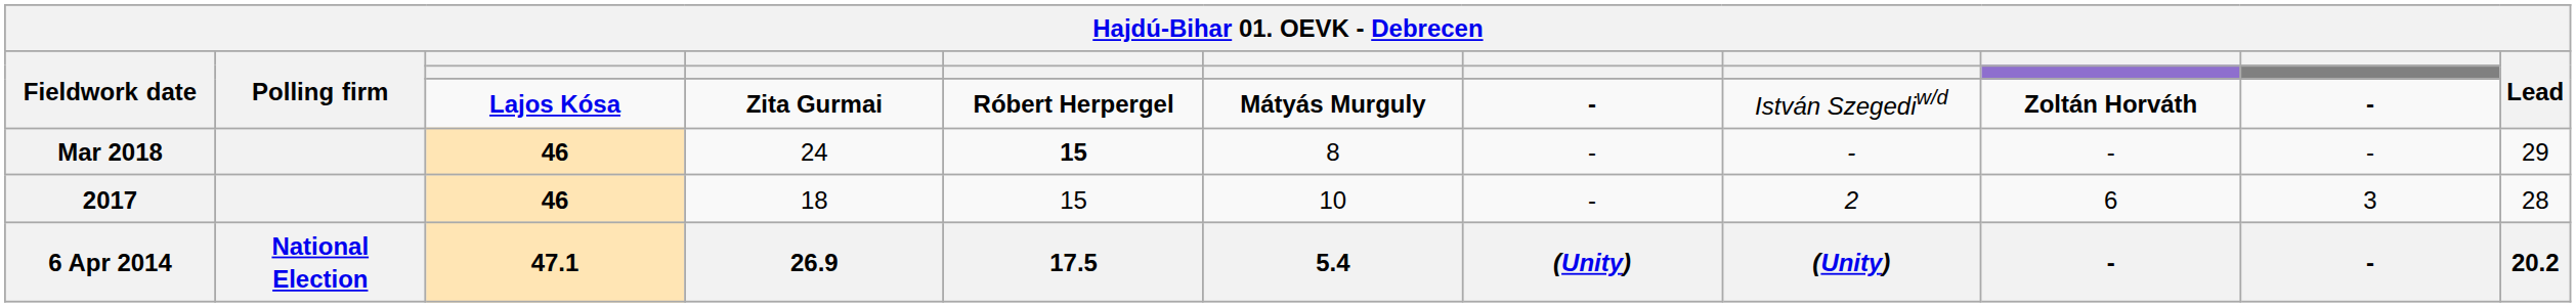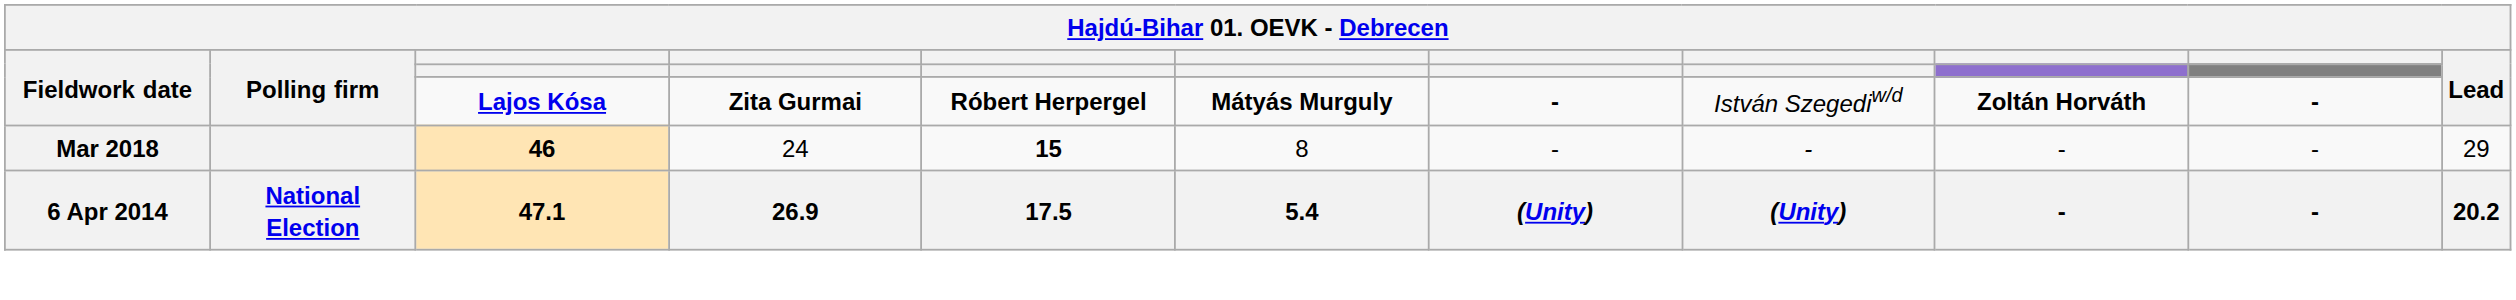 <table class="wikitable mw-collapsible mw-collapsed" style="text-align:center">
 <tr>
 <th colspan="11" style="width: 980pt;"><small><a href='#'>Hajdú-Bihar</a> 01. OEVK - <a href='#'>Debrecen</a></small></th>
 </tr>
 <tr>
 <th rowspan="3" style="width: 80pt;"><small>Fieldwork</small> <small>date</small></th>
 <th rowspan="3" style="width: 80pt;"><strong><small>Polling</small> <small>firm</small></strong></th>
 <th style="width: 100pt;"><small></small></th>
 <th style="width: 100pt;"><small> </small></th>
 <th style="width: 100pt;"></th>
 <th style="width: 100pt;"></th>
 <th style="width: 100pt;"></th>
 <th style="width: 100pt;"></th>
 <th style="width: 100pt;"></th>
 <th style="width: 100pt;"></th>
 <th rowspan="3" style="width: 20pt;"><small>Lead</small></th>
 </tr>
 <tr>
 <th style="color:inherit;background:"></th>
 <th style="color:inherit;background:"></th>
 <th style="color:inherit;background:"></th>
 <th style="color:inherit;background:"></th>
 <th style="color:inherit;background:"></th>
 <th style="color:inherit;background:"></th>
 <th style="color:inherit;background:#8E6FCE;"></th>
 <th style="color:inherit;background:#808080;"></th>
 </tr>
 <tr>
 <td><a href='#'><small><strong>Lajos Kósa</strong></small></a></td>
 <td><small><strong>Zita Gurmai</strong></small></td>
 <td><small><strong>Róbert Herpergel</strong></small></td>
 <td><small><strong>Mátyás Murguly</strong></small></td>
 <td><small><strong>-</strong></small></td>
 <td><small><em>István Szegedi<sup>w/d</sup></em></small></td>
 <td><small><strong>Zoltán Horváth</strong></small></td>
 <td><small><strong>-</strong></small></td>
 </tr>
 <tr>
 <th><small>Mar 2018</small></th>
 <th><small></small></th>
 <td style="background:#FFE5B4"><small><strong>46</strong></small></td>
 <td><small>24</small></td>
 <td><strong><small>15</small></strong></td>
 <td><small>8</small></td>
 <td><small>-</small></td>
 <td><small><em>-</em></small></td>
 <td><small>-</small></td>
 <td><small>-</small></td>
 <td style="background:"><small>29</small></td>
 </tr>
 <tr>
-<th><small>2017</small></th>
-<th><small></small></th>
-<td style="background:#FFE5B4"><small><strong>46</strong></small></td>
-<td><small>18</small></td>
-<td><small>15</small></td>
-<td><small>10</small></td>
-<td><small>-</small></td>
-<td><small><em>2</em></small></td>
-<td><small>6</small></td>
-<td><small>3</small></td>
-<td style="background:"><small>28</small></td>
-</tr>
-<tr>
 <th><small>6 Apr 2014</small></th>
 <th><a href='#'><small>National Election</small></a></th>
 <th style="background:#FFE5B4"><small><strong>47.1</strong></small></th>
 <th><small>26.9</small></th>
 <th><small>17.5</small></th>
 <th><small>5.4</small></th>
 <th><small><em>(<a href='#'>Unity</a>)</em></small></th>
 <th><small><em>(<a href='#'>Unity</a>)</em></small></th>
 <th><small>-</small></th>
 <th><small>-</small></th>
 <th style="background:"><small>20.2</small></th>
 </tr>
 </table>
